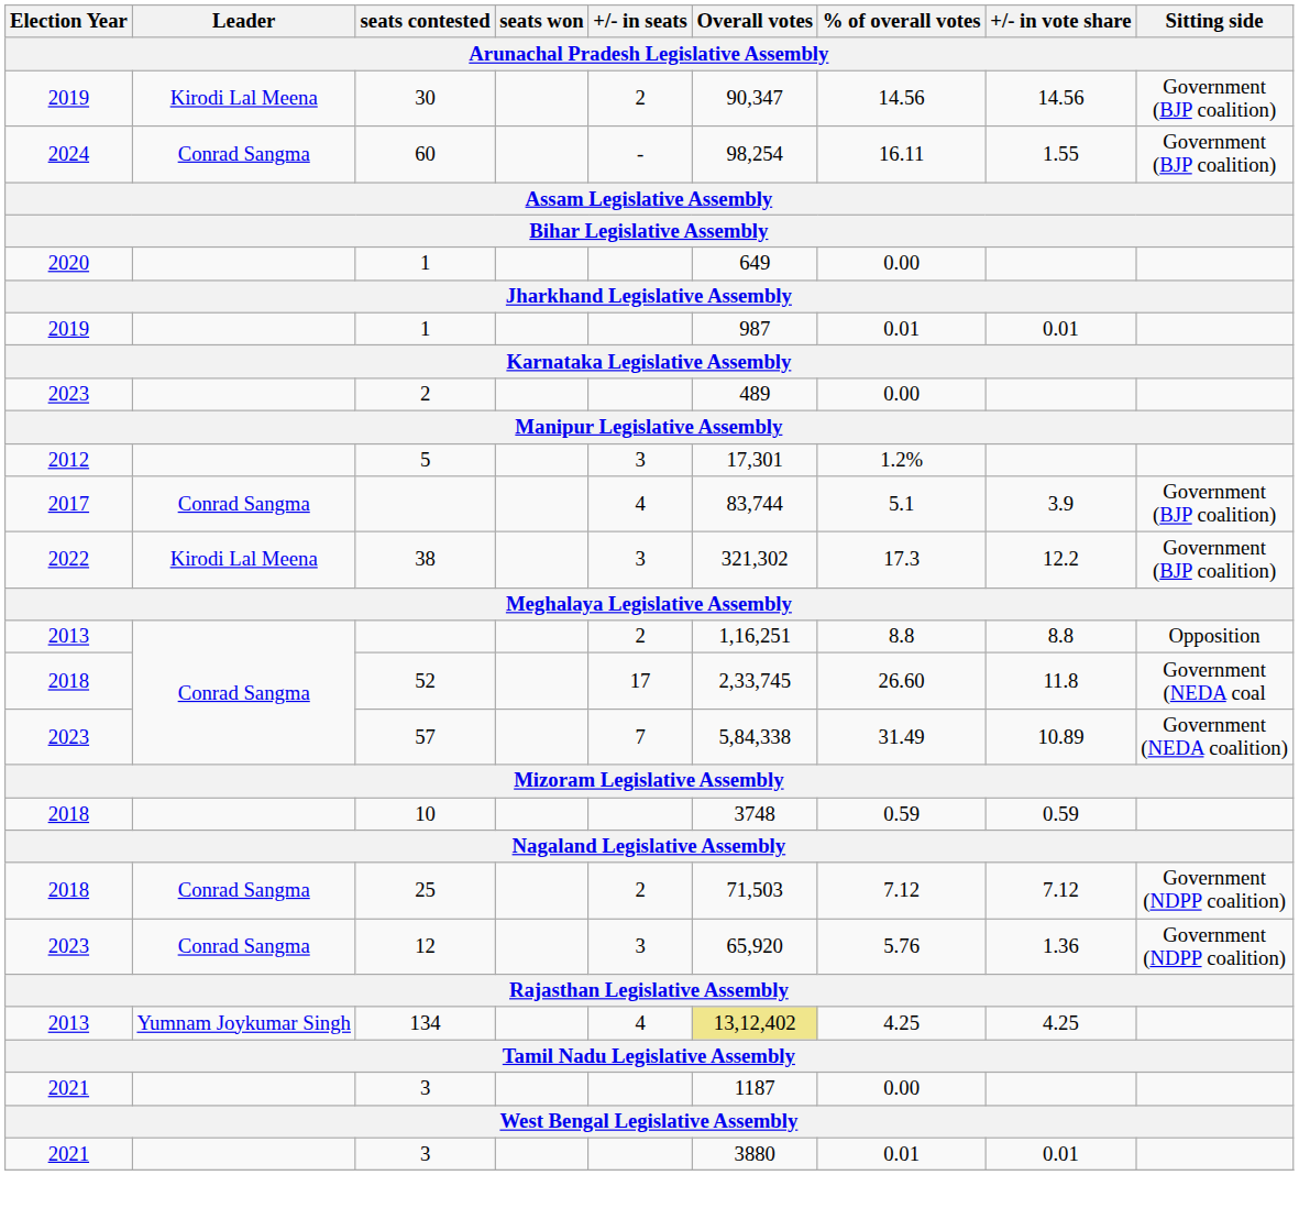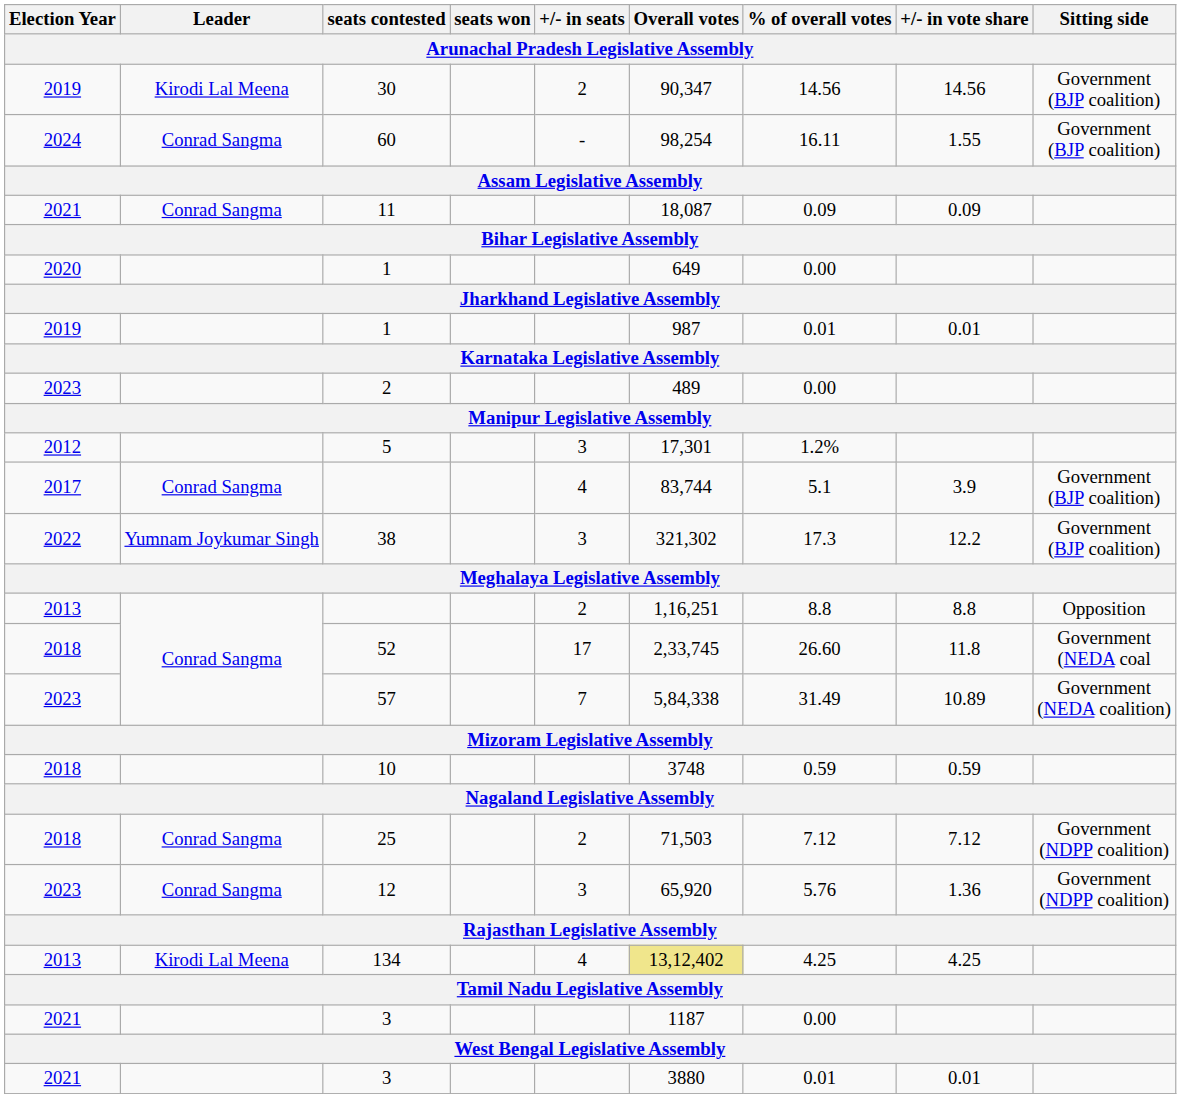 <table class="wikitable " style="text-align:center;">
 <tr>
 <th Style="background-color:">Election Year</th>
 <th style="background-color:">Leader</th>
 <th style="background-color:">seats contested</th>
 <th style="background-color:">seats won</th>
 <th style="background-color:">+/- in seats</th>
 <th style="background-color:">Overall votes</th>
 <th Style="background-color:">% of overall votes</th>
 <th Style="background-color:">+/- in vote share</th>
 <th Style="background-color:">Sitting side</th>
 </tr>
 <tr>
 <th colspan="9"><a href='#'>Arunachal Pradesh Legislative Assembly</a></th>
 </tr>
 <tr>
 <td><a href='#'>2019</a></td>
 <td><a href='#'>Kirodi Lal Meena</a></td>
 <td>30</td>
 <td></td>
 <td>2</td>
 <td>90,347</td>
 <td>14.56</td>
 <td>14.56</td>
 <td>Government<br>(<a href='#'>BJP</a> coalition)</td>
 </tr>
 <tr>
 <td><a href='#'>2024</a></td>
 <td><a href='#'>Conrad Sangma</a></td>
 <td>60</td>
 <td></td>
 <td>-</td>
 <td>98,254</td>
 <td>16.11</td>
 <td>1.55</td>
 <td>Government<br>(<a href='#'>BJP</a> coalition)</td>
 </tr>
 <tr>
 <th colspan="9"><a href='#'>Assam Legislative Assembly</a></th>
+</tr>
+<tr>
+<td><a href='#'>2021</a></td>
+<td><a href='#'>Conrad Sangma</a></td>
+<td>11</td>
+<td></td>
+<td></td>
+<td>18,087</td>
+<td>0.09</td>
+<td>0.09</td>
+<td></td>
 </tr>
 <tr>
 <th colspan="9"><a href='#'>Bihar Legislative Assembly</a></th>
 </tr>
 <tr>
 <td><a href='#'>2020</a></td>
 <td></td>
 <td>1</td>
 <td></td>
 <td></td>
 <td>649</td>
 <td>0.00</td>
 <td></td>
 <td></td>
 </tr>
 <tr>
 <th colspan="9"><a href='#'>Jharkhand Legislative Assembly</a></th>
 </tr>
 <tr>
 <td><a href='#'>2019</a></td>
 <td></td>
 <td>1</td>
 <td></td>
 <td></td>
 <td>987</td>
 <td>0.01</td>
 <td>0.01</td>
 <td></td>
 </tr>
 <tr>
 <th colspan="9"><a href='#'>Karnataka Legislative Assembly</a></th>
 </tr>
 <tr>
 <td><a href='#'>2023</a></td>
 <td></td>
 <td>2</td>
 <td></td>
 <td></td>
 <td>489</td>
 <td>0.00</td>
 <td></td>
 <td></td>
 </tr>
 <tr>
 <th colspan="9"><a href='#'>Manipur Legislative Assembly</a></th>
 </tr>
 <tr>
 <td><a href='#'>2012</a></td>
 <td></td>
 <td>5</td>
 <td></td>
 <td>3</td>
 <td>17,301</td>
 <td>1.2%</td>
 <td></td>
 <td></td>
 </tr>
 <tr>
 <td><a href='#'>2017</a></td>
 <td><a href='#'>Conrad Sangma</a></td>
 <td></td>
 <td></td>
 <td>4</td>
 <td>83,744</td>
 <td>5.1</td>
 <td>3.9</td>
 <td>Government<br>(<a href='#'>BJP</a> coalition)</td>
 </tr>
 <tr>
 <td><a href='#'>2022</a></td>
-<td><a href='#'>Kirodi Lal Meena</a></td>
+<td><a href='#'>Yumnam Joykumar Singh</a></td>
 <td>38</td>
 <td></td>
 <td>3</td>
 <td>321,302</td>
 <td>17.3</td>
 <td>12.2</td>
 <td>Government<br>(<a href='#'>BJP</a> coalition)</td>
 </tr>
 <tr>
 <th colspan="9"><a href='#'>Meghalaya Legislative Assembly</a></th>
 </tr>
 <tr>
 <td><a href='#'>2013</a></td>
 <td rowspan="3"><a href='#'>Conrad Sangma</a></td>
 <td></td>
 <td></td>
 <td>2</td>
 <td>1,16,251</td>
 <td>8.8</td>
 <td>8.8</td>
 <td>Opposition</td>
 </tr>
 <tr>
 <td><a href='#'>2018</a></td>
 <td>52</td>
 <td></td>
 <td>17</td>
 <td>2,33,745</td>
 <td>26.60</td>
 <td>11.8</td>
 <td>Government<br>(<a href='#'>NEDA</a> coal</td>
 </tr>
 <tr>
 <td><a href='#'>2023</a></td>
 <td>57</td>
 <td></td>
 <td>7</td>
 <td>5,84,338</td>
 <td>31.49</td>
 <td>10.89</td>
 <td>Government<br>(<a href='#'>NEDA</a> coalition)</td>
 </tr>
 <tr>
 <th colspan="9"><a href='#'>Mizoram Legislative Assembly</a></th>
 </tr>
 <tr>
 <td><a href='#'>2018</a></td>
 <td></td>
 <td>10</td>
 <td></td>
 <td></td>
 <td>3748</td>
 <td>0.59</td>
 <td>0.59</td>
 <td></td>
 </tr>
 <tr>
 <th colspan="9"><a href='#'>Nagaland Legislative Assembly</a></th>
 </tr>
 <tr>
 <td><a href='#'>2018</a></td>
 <td><a href='#'>Conrad Sangma</a></td>
 <td>25</td>
 <td></td>
 <td>2</td>
 <td>71,503</td>
 <td>7.12</td>
 <td>7.12</td>
 <td>Government<br>(<a href='#'>NDPP</a> coalition)</td>
 </tr>
 <tr>
 <td><a href='#'>2023</a></td>
 <td><a href='#'>Conrad Sangma</a></td>
 <td>12</td>
 <td></td>
 <td>3</td>
 <td>65,920</td>
 <td>5.76</td>
 <td>1.36</td>
 <td>Government<br>(<a href='#'>NDPP</a> coalition)</td>
 </tr>
 <tr>
 <th colspan="9"><a href='#'>Rajasthan Legislative Assembly</a></th>
 </tr>
 <tr>
 <td><a href='#'>2013</a></td>
-<td><a href='#'>Yumnam Joykumar Singh</a></td>
+<td><a href='#'>Kirodi Lal Meena</a></td>
 <td>134</td>
 <td></td>
 <td>4</td>
 <td style="background: khaki;">13,12,402</td>
 <td>4.25</td>
 <td>4.25</td>
 <td></td>
 </tr>
 <tr>
 <th colspan="9"><a href='#'>Tamil Nadu Legislative Assembly</a></th>
 </tr>
 <tr>
 <td><a href='#'>2021</a></td>
 <td></td>
 <td>3</td>
 <td></td>
 <td></td>
 <td>1187</td>
 <td>0.00</td>
 <td></td>
 <td></td>
 </tr>
 <tr>
 <th colspan="9"><a href='#'>West Bengal Legislative Assembly</a></th>
 </tr>
 <tr>
 <td><a href='#'>2021</a></td>
 <td></td>
 <td>3</td>
 <td></td>
 <td></td>
 <td>3880</td>
 <td>0.01</td>
 <td>0.01</td>
 <td></td>
 </tr>
 <tr>
 </tr>
 </table>
